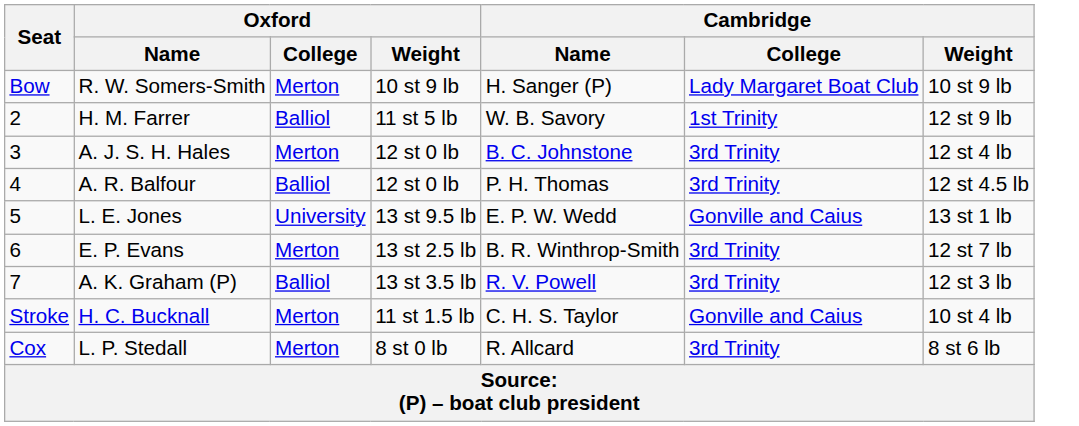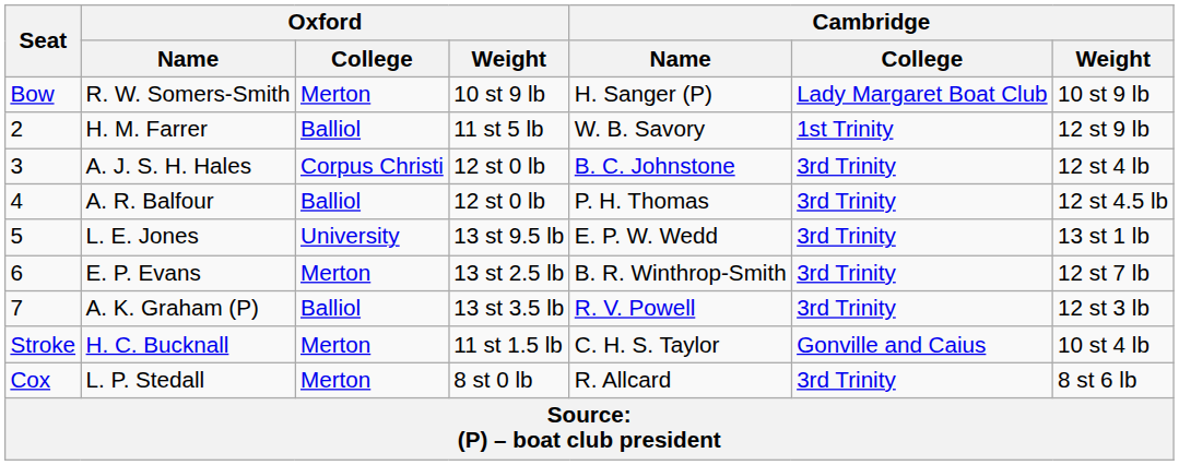 <table class="wikitable">
 <tr>
 <th rowspan="2" scope="col">Seat</th>
 <th colspan="3" scope="col">Oxford <br> </th>
 <th colspan="3" scope="col">Cambridge <br> </th>
 </tr>
 <tr>
 <th>Name</th>
 <th>College</th>
 <th>Weight</th>
 <th>Name</th>
 <th>College</th>
 <th>Weight</th>
 </tr>
 <tr>
 <td><a href='#'>Bow</a></td>
 <td>R. W. Somers-Smith</td>
 <td><a href='#'>Merton</a></td>
 <td>10 st 9 lb</td>
 <td>H. Sanger (P)</td>
 <td><a href='#'>Lady Margaret Boat Club</a></td>
 <td>10 st 9 lb</td>
 </tr>
 <tr>
 <td>2</td>
 <td>H. M. Farrer</td>
 <td><a href='#'>Balliol</a></td>
 <td>11 st 5 lb</td>
 <td>W. B. Savory</td>
 <td><a href='#'>1st Trinity</a></td>
 <td>12 st 9 lb</td>
 </tr>
 <tr>
 <td>3</td>
 <td>A. J. S. H. Hales</td>
-<td><a href='#'>Merton</a></td>
+<td><a href='#'>Corpus Christi</a></td>
 <td>12 st 0 lb</td>
 <td><a href='#'>B. C. Johnstone</a></td>
 <td><a href='#'>3rd Trinity</a></td>
 <td>12 st 4 lb</td>
 </tr>
 <tr>
 <td>4</td>
 <td>A. R. Balfour</td>
 <td><a href='#'>Balliol</a></td>
 <td>12 st 0 lb</td>
 <td>P. H. Thomas</td>
 <td><a href='#'>3rd Trinity</a></td>
 <td>12 st 4.5 lb</td>
 </tr>
 <tr>
 <td>5</td>
 <td>L. E. Jones</td>
 <td><a href='#'>University</a></td>
 <td>13 st 9.5 lb</td>
 <td>E. P. W. Wedd</td>
-<td><a href='#'>Gonville and Caius</a></td>
+<td><a href='#'>3rd Trinity</a></td>
 <td>13 st 1 lb</td>
 </tr>
 <tr>
 <td>6</td>
 <td>E. P. Evans</td>
 <td><a href='#'>Merton</a></td>
 <td>13 st 2.5 lb</td>
 <td>B. R. Winthrop-Smith</td>
 <td><a href='#'>3rd Trinity</a></td>
 <td>12 st 7 lb</td>
 </tr>
 <tr>
 <td>7</td>
 <td>A. K. Graham (P)</td>
 <td><a href='#'>Balliol</a></td>
 <td>13 st 3.5 lb</td>
 <td><a href='#'>R. V. Powell</a></td>
 <td><a href='#'>3rd Trinity</a></td>
 <td>12 st 3 lb</td>
 </tr>
 <tr>
 <td><a href='#'>Stroke</a></td>
 <td><a href='#'>H. C. Bucknall</a></td>
 <td><a href='#'>Merton</a></td>
 <td>11 st 1.5 lb</td>
 <td>C. H. S. Taylor</td>
 <td><a href='#'>Gonville and Caius</a></td>
 <td>10 st 4 lb</td>
 </tr>
 <tr>
 <td><a href='#'>Cox</a></td>
 <td>L. P. Stedall</td>
 <td><a href='#'>Merton</a></td>
 <td>8 st 0 lb</td>
 <td>R. Allcard</td>
 <td><a href='#'>3rd Trinity</a></td>
 <td>8 st 6 lb</td>
 </tr>
 <tr>
 <th colspan="7">Source:<br>(P) – boat club president</th>
 </tr>
 </table>
